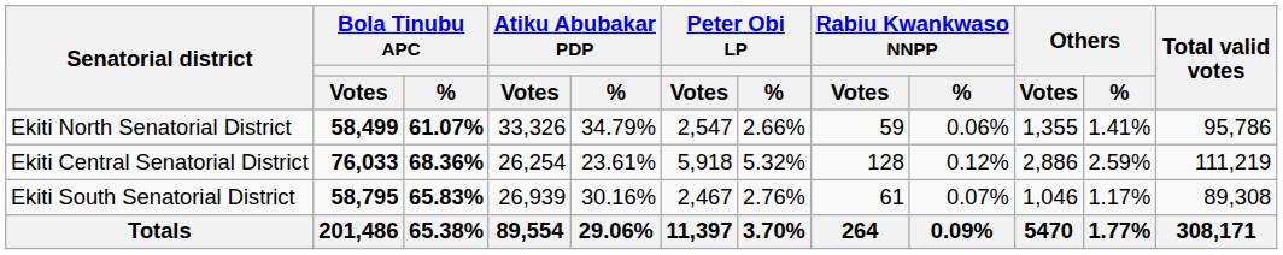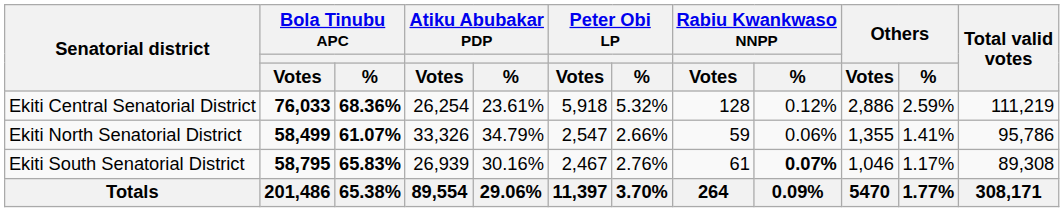 <table class="wikitable sortable" style="text-align:right; font-size:90%">
 <tr>
 <th rowspan="3" style="max-width:7.5em;">Senatorial district</th>
 <th colspan="2"><a href='#'>Bola Tinubu</a><br><small>APC</small></th>
 <th colspan="2"><a href='#'>Atiku Abubakar</a><br><small>PDP</small></th>
 <th colspan="2"><a href='#'>Peter Obi</a><br><small>LP</small></th>
 <th colspan="2"><a href='#'>Rabiu Kwankwaso</a><br><small>NNPP</small></th>
 <th colspan="2" rowspan="2">Others</th>
 <th rowspan="3" style="max-width:5em;">Total valid votes</th>
 </tr>
 <tr>
 <th colspan=2 style="background-color:"></th>
 <th colspan=2 style="background-color:"></th>
 <th colspan=2 style="background-color:"></th>
 <th colspan=2 style="background-color:"></th>
 </tr>
 <tr>
 <th>Votes</th>
 <th>%</th>
 <th>Votes</th>
 <th>%</th>
 <th>Votes</th>
 <th>%</th>
 <th>Votes</th>
 <th>%</th>
 <th>Votes</th>
 <th>%</th>
 </tr>
 <tr style="background-color:#">
+<td style="text-align:left;">Ekiti Central Senatorial District</td>
+<td><strong>76,033</strong></td>
+<td><strong>68.36%</strong></td>
+<td>26,254</td>
+<td>23.61%</td>
+<td>5,918</td>
+<td>5.32%</td>
+<td>128</td>
+<td>0.12%</td>
+<td>2,886</td>
+<td>2.59%</td>
+<td>111,219</td>
+</tr>
+<tr style="background-color:#">
 <td style="text-align:left;">Ekiti North Senatorial District</td>
 <td><strong>58,499</strong></td>
 <td><strong>61.07%</strong></td>
 <td>33,326</td>
 <td>34.79%</td>
 <td>2,547</td>
 <td>2.66%</td>
 <td>59</td>
 <td>0.06%</td>
 <td>1,355</td>
 <td>1.41%</td>
 <td>95,786</td>
 </tr>
 <tr style="background-color:#">
-<td style="text-align:left;">Ekiti Central Senatorial District</td>
-<td><strong>76,033</strong></td>
-<td><strong>68.36%</strong></td>
-<td>26,254</td>
-<td>23.61%</td>
-<td>5,918</td>
-<td>5.32%</td>
-<td>128</td>
-<td>0.12%</td>
-<td>2,886</td>
-<td>2.59%</td>
-<td>111,219</td>
-</tr>
-<tr style="background-color:#">
 <td style="text-align:left;">Ekiti South Senatorial District</td>
 <td><strong>58,795</strong></td>
 <td><strong>65.83%</strong></td>
 <td>26,939</td>
 <td>30.16%</td>
 <td>2,467</td>
 <td>2.76%</td>
 <td>61</td>
-<td>0.07%</td>
+<td><strong>0.07%</strong></td>
 <td>1,046</td>
 <td>1.17%</td>
 <td>89,308</td>
 </tr>
 <tr>
 <th>Totals</th>
 <th>201,486</th>
 <th>65.38%</th>
 <th>89,554</th>
 <th>29.06%</th>
 <th>11,397</th>
 <th>3.70%</th>
 <th>264</th>
 <th>0.09%</th>
 <th>5470</th>
 <th>1.77%</th>
 <th>308,171</th>
 </tr>
 </table>
